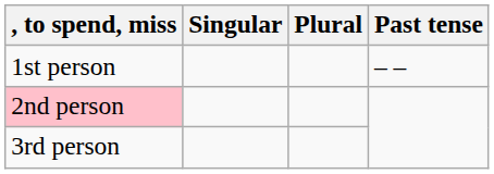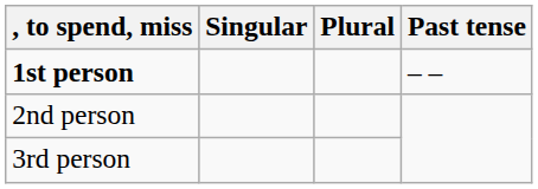 <table class="wikitable">
 <tr>
 <th>, to spend, miss</th>
 <th>Singular</th>
 <th>Plural</th>
 <th>Past tense</th>
 </tr>
 <tr>
-<td>1st person</td>
+<td><strong>1st person</strong></td>
 <td></td>
 <td></td>
 <td> –  – </td>
 </tr>
 <tr>
-<td style="background: pink;">2nd person</td>
+<td>2nd person</td>
 <td></td>
 <td></td>
 </tr>
 <tr>
 <td>3rd person</td>
 <td></td>
 <td></td>
 </tr>
 </table>
